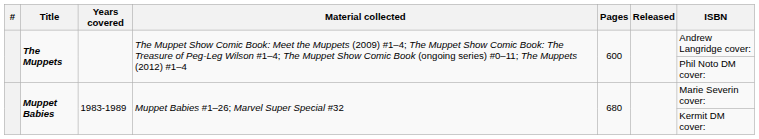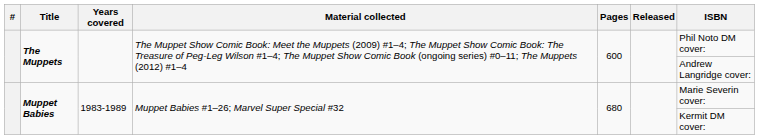 <table class="wikitable sortable" width=99%>
 <tr>
 <th class="unsortable" width=20px>#</th>
 <th>Title</th>
 <th>Years covered</th>
 <th class="unsortable">Material collected</th>
 <th>Pages</th>
 <th>Released</th>
 <th class="unsortable">ISBN</th>
 </tr>
 <tr>
 <th style="background-color: light grey;" rowspan=2></th>
 <td rowspan=2><strong><em>The Muppets</em></strong></td>
 <td rowspan=2></td>
 <td rowspan=2><em>The Muppet Show Comic Book: Meet the Muppets</em> (2009) #1–4; <em>The Muppet Show Comic Book: The Treasure of Peg-Leg Wilson</em> #1–4; <em>The Muppet Show Comic Book</em> (ongoing series) #0–11; <em>The Muppets</em> (2012) #1–4</td>
 <td style="text-align: center;" rowspan=2>600</td>
 <td rowspan=2></td>
-<td>Andrew Langridge cover: </td>
+<td>Phil Noto DM cover: </td>
 </tr>
 <tr>
-<td>Phil Noto DM cover: </td>
+<td>Andrew Langridge cover: </td>
 </tr>
 <tr>
 <th style="background-color: light grey;" rowspan=2></th>
 <td rowspan=2><strong><em>Muppet Babies</em></strong></td>
 <td rowspan=2>1983-1989</td>
 <td rowspan=2><em>Muppet Babies</em> #1–26; <em>Marvel Super Special</em> #32</td>
 <td style="text-align: center;" rowspan=2>680</td>
 <td rowspan=2></td>
 <td>Marie Severin cover: </td>
 </tr>
 <tr>
 <td>Kermit DM cover: </td>
 </tr>
 </table>
